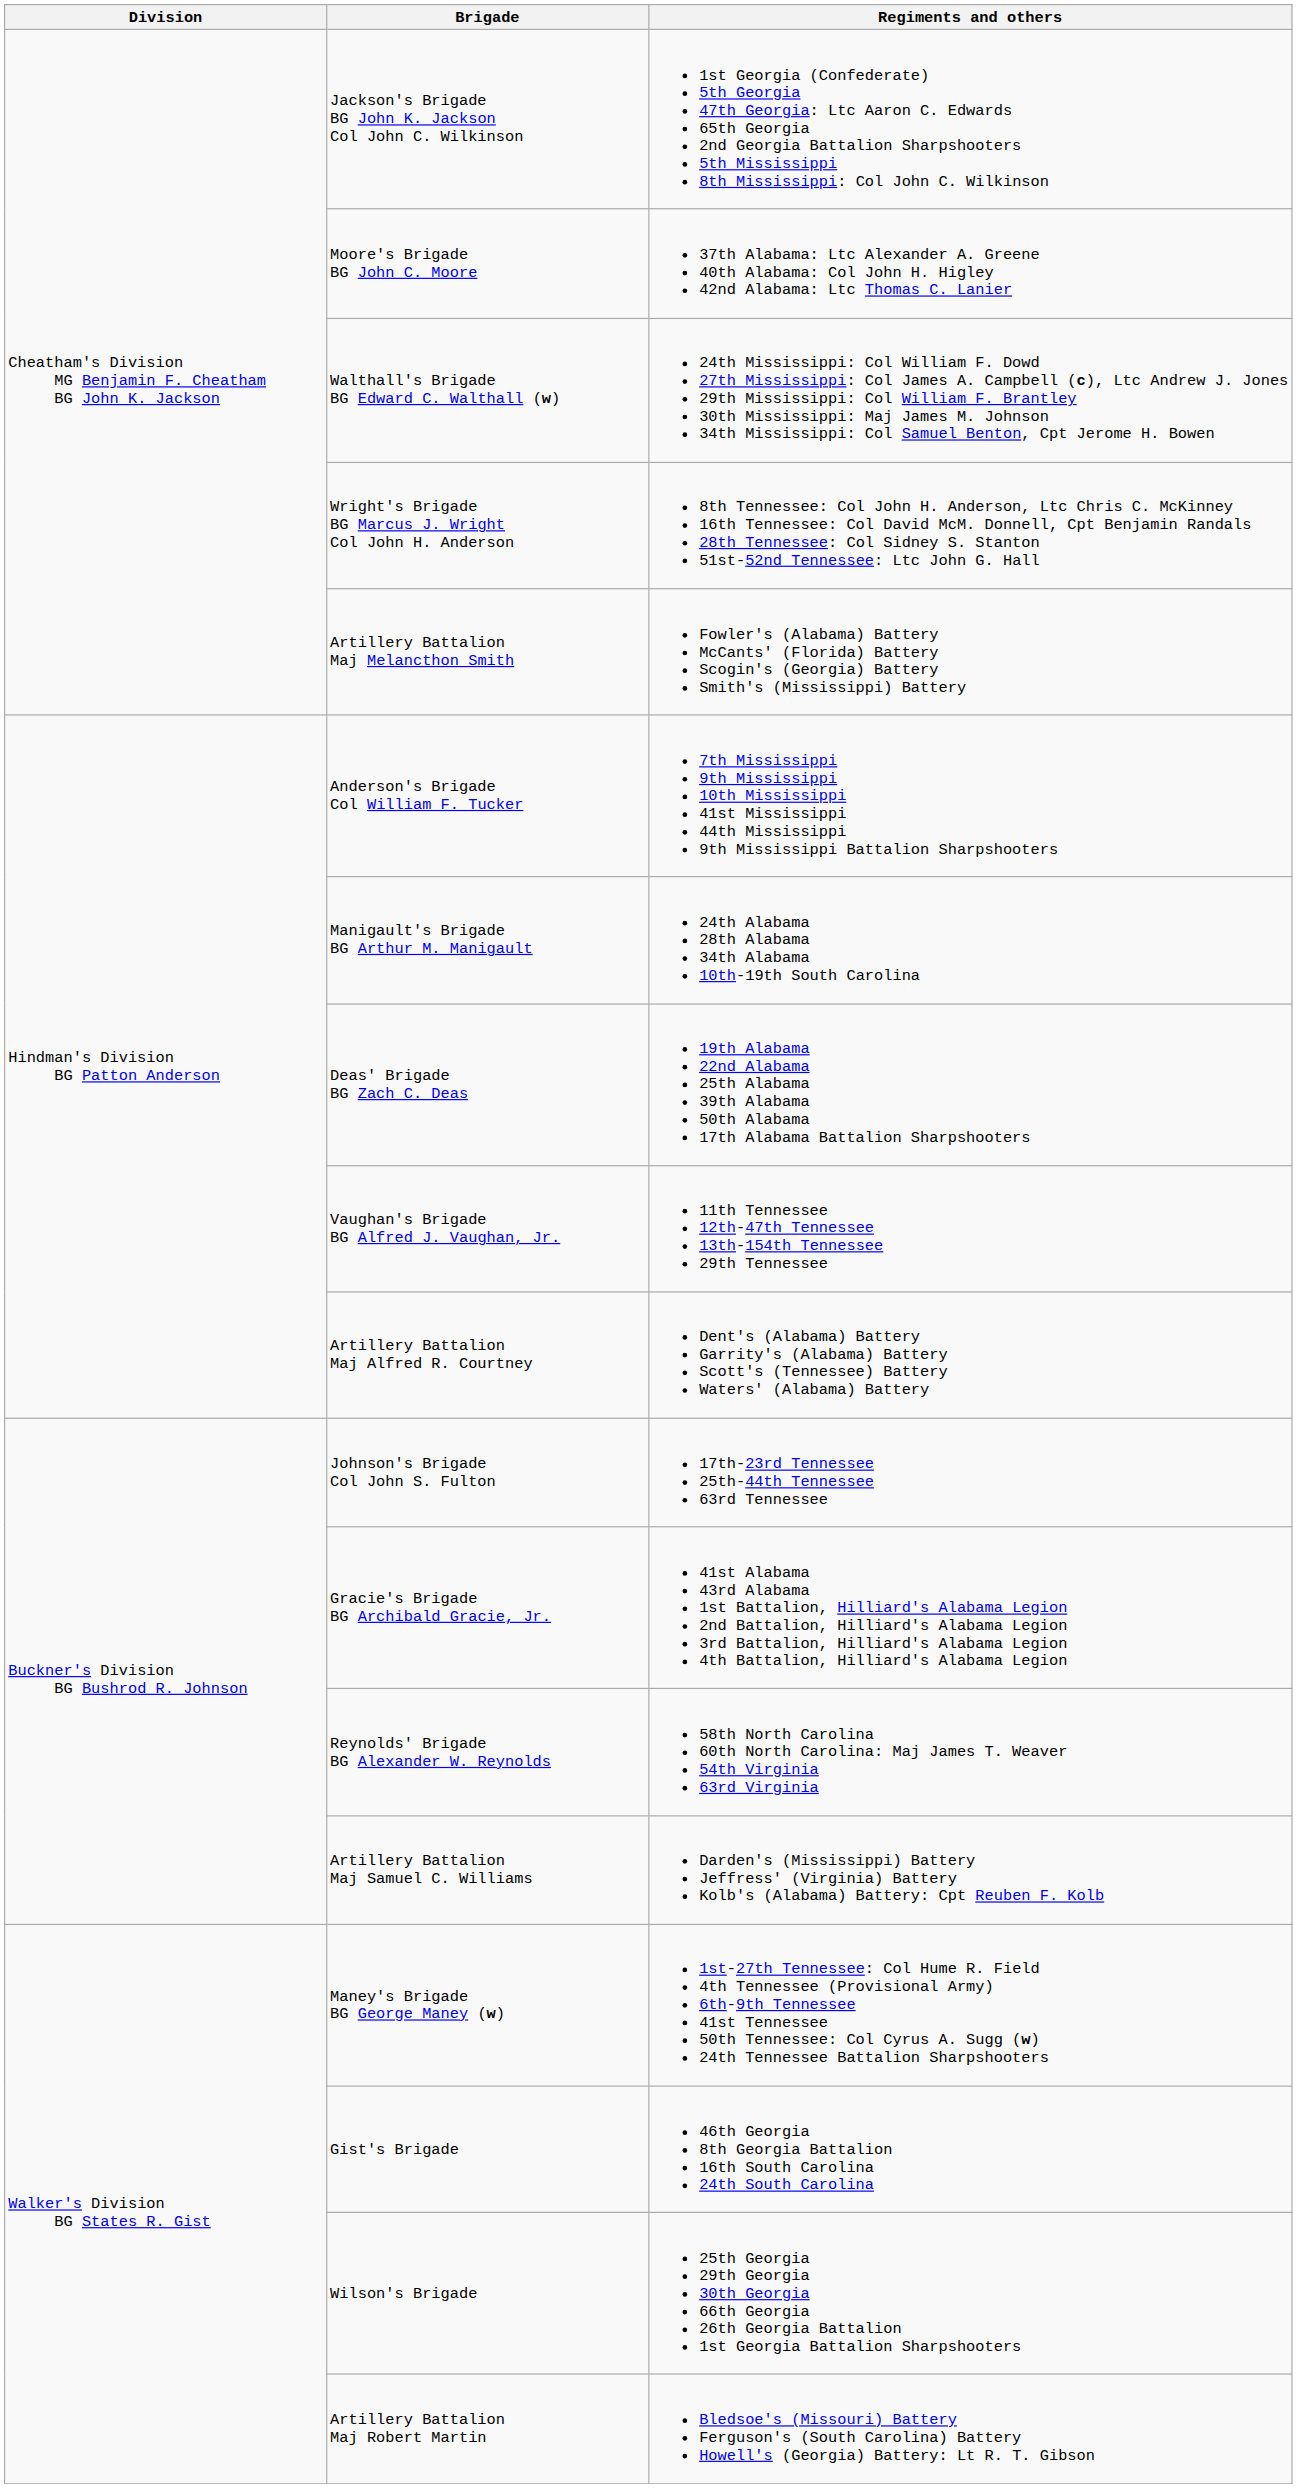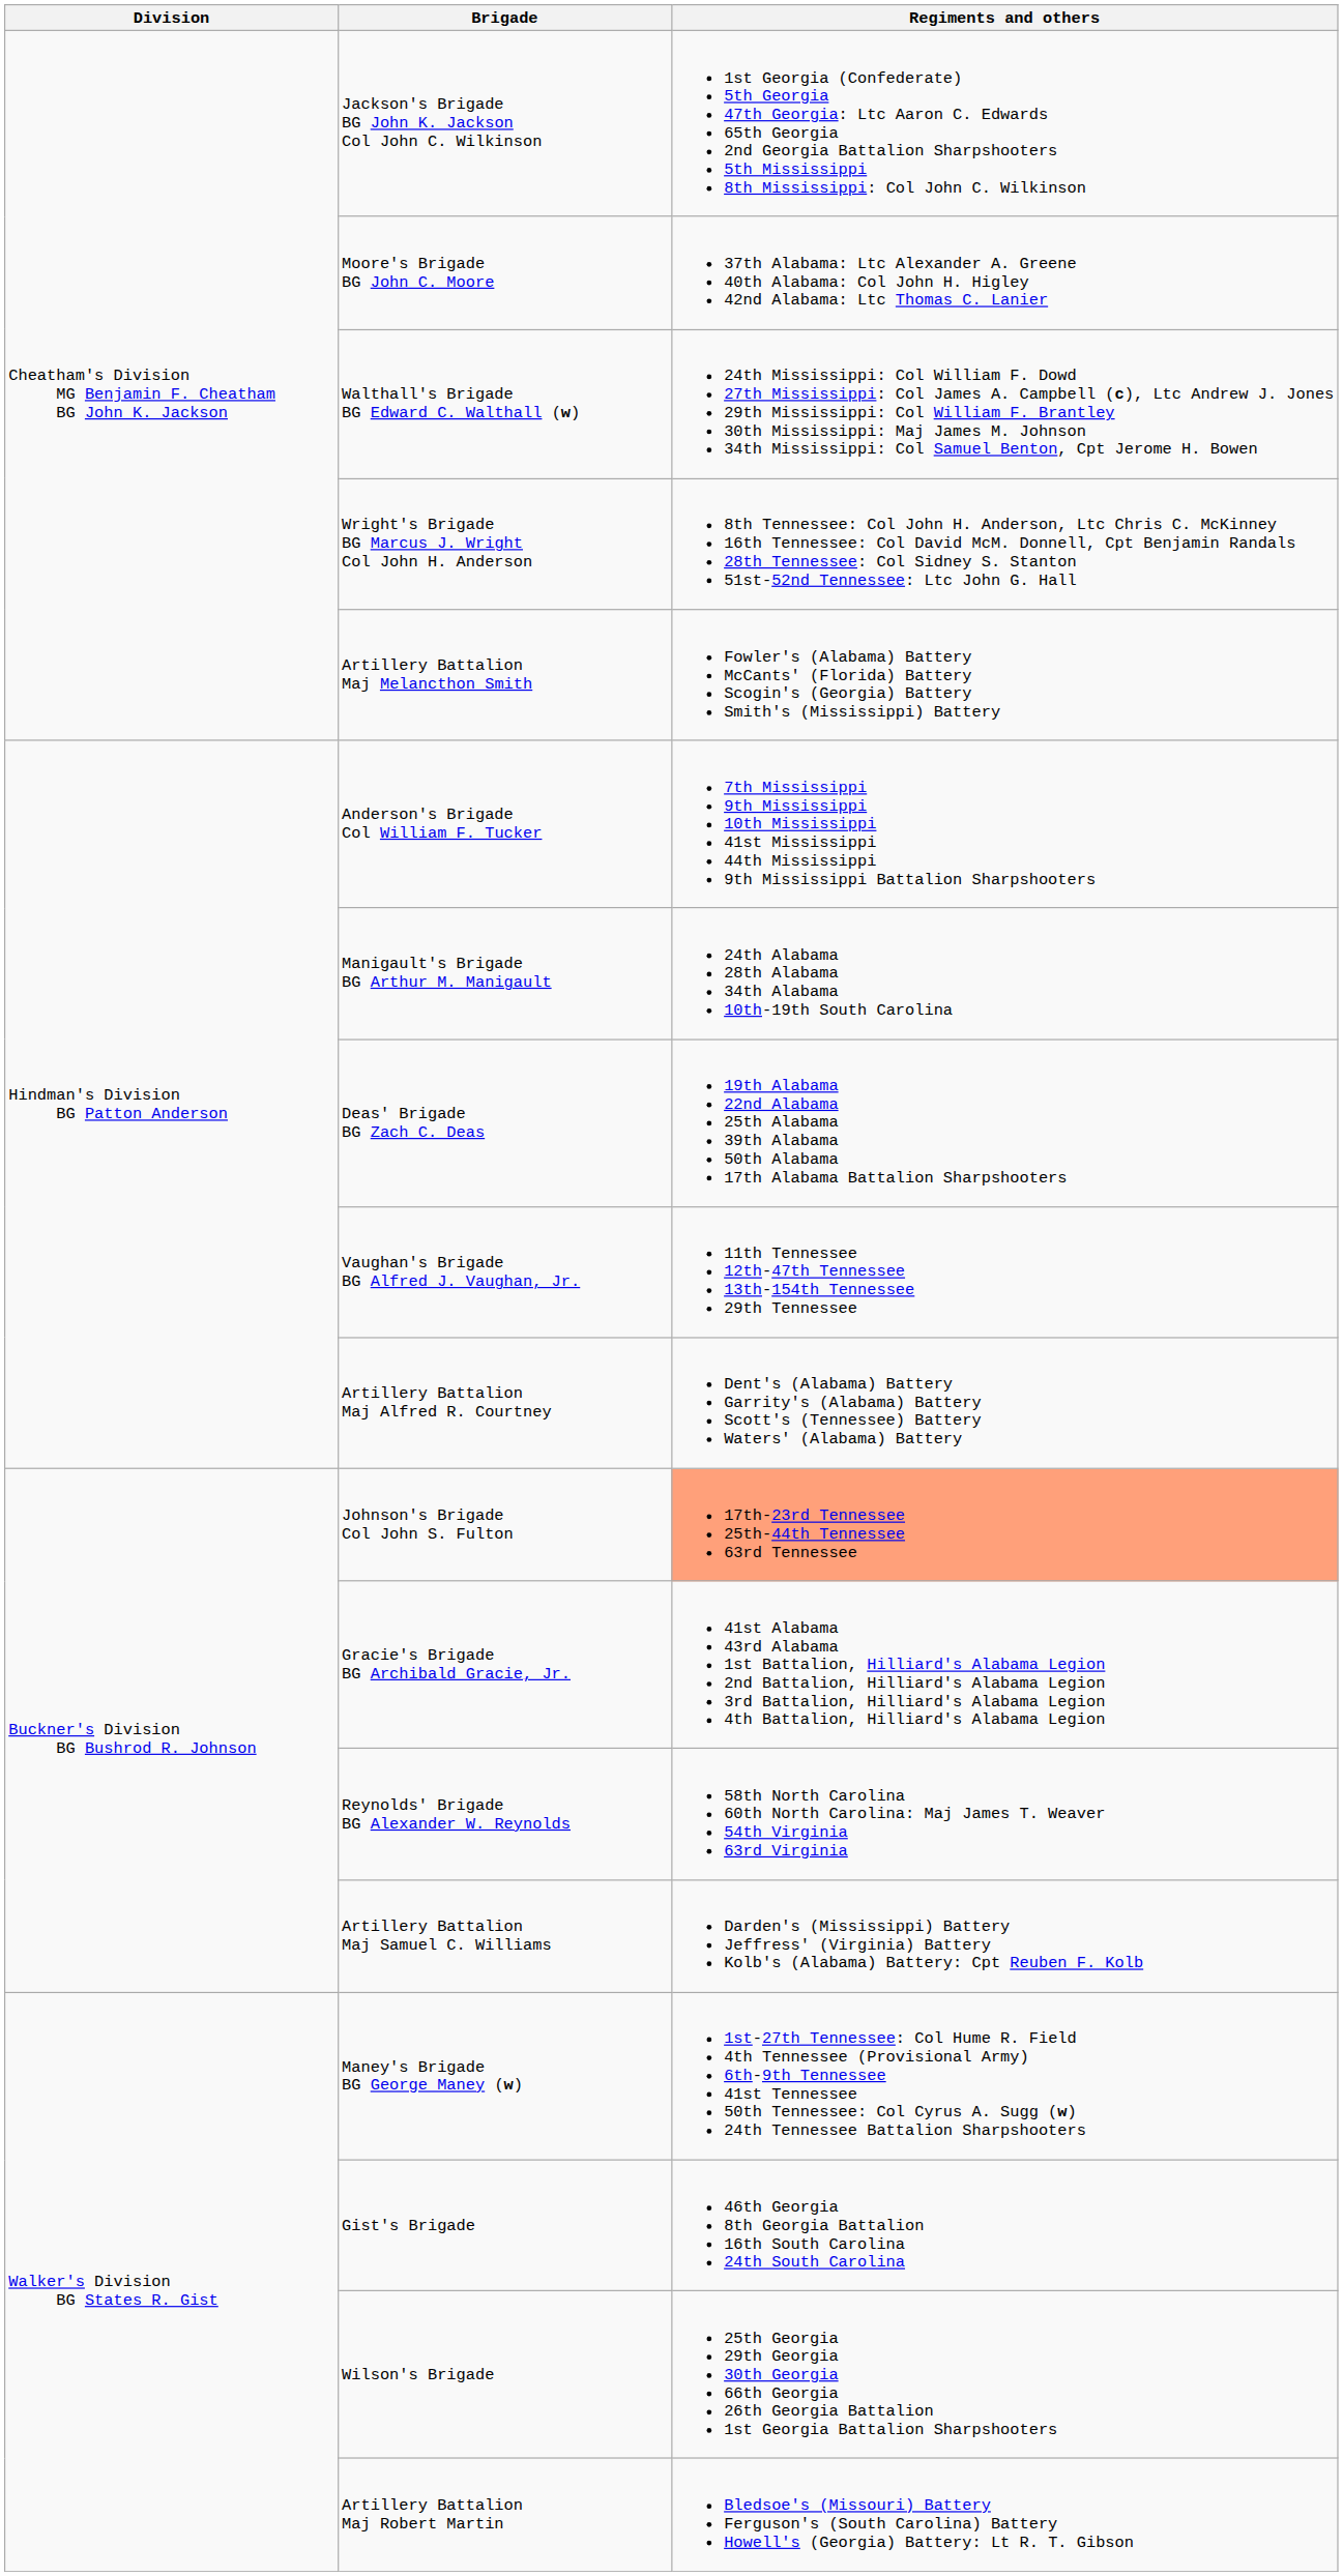 <table class="wikitable">
 <tr>
 <th width=25%>Division</th>
 <th width=25%>Brigade</th>
 <th>Regiments and others</th>
 </tr>
 <tr>
 <td rowspan=5><br>Cheatham's Division <br>     MG <a href='#'>Benjamin F. Cheatham</a> <br>     BG <a href='#'>John K. Jackson</a></td>
 <td>Jackson's Brigade<br>BG <a href='#'>John K. Jackson</a> <br> Col John C. Wilkinson</td>
 <td><br><ul><li>1st Georgia (Confederate)</li><li><a href='#'>5th Georgia</a></li><li><a href='#'>47th Georgia</a>: Ltc Aaron C. Edwards</li><li>65th Georgia</li><li>2nd Georgia Battalion Sharpshooters</li><li><a href='#'>5th Mississippi</a></li><li><a href='#'>8th Mississippi</a>: Col John C. Wilkinson</li></ul></td>
 </tr>
 <tr>
 <td>Moore's Brigade<br>BG <a href='#'>John C. Moore</a></td>
 <td><br><ul><li>37th Alabama: Ltc Alexander A. Greene</li><li>40th Alabama: Col John H. Higley</li><li>42nd Alabama: Ltc <a href='#'>Thomas C. Lanier</a></li></ul></td>
 </tr>
 <tr>
 <td>Walthall's Brigade<br>BG <a href='#'>Edward C. Walthall</a> (<strong>w</strong>)</td>
 <td><br><ul><li>24th Mississippi: Col William F. Dowd</li><li><a href='#'>27th Mississippi</a>: Col James A. Campbell (<strong>c</strong>), Ltc Andrew J. Jones</li><li>29th Mississippi: Col <a href='#'>William F. Brantley</a></li><li>30th Mississippi: Maj James M. Johnson</li><li>34th Mississippi: Col <a href='#'>Samuel Benton</a>, Cpt Jerome H. Bowen</li></ul></td>
 </tr>
 <tr>
 <td>Wright's Brigade<br>BG <a href='#'>Marcus J. Wright</a> <br> Col John H. Anderson</td>
 <td><br><ul><li>8th Tennessee: Col John H. Anderson, Ltc Chris C. McKinney</li><li>16th Tennessee: Col David McM. Donnell, Cpt Benjamin Randals</li><li><a href='#'>28th Tennessee</a>: Col Sidney S. Stanton</li><li>51st-<a href='#'>52nd Tennessee</a>: Ltc John G. Hall</li></ul></td>
 </tr>
 <tr>
 <td>Artillery Battalion<br>Maj <a href='#'>Melancthon Smith</a></td>
 <td><br><ul><li>Fowler's (Alabama) Battery</li><li>McCants' (Florida) Battery</li><li>Scogin's (Georgia) Battery</li><li>Smith's (Mississippi) Battery</li></ul></td>
 </tr>
 <tr>
 <td rowspan=5><br>Hindman's Division <br>     BG <a href='#'>Patton Anderson</a> <br>  </td>
 <td>Anderson's Brigade<br>Col <a href='#'>William F. Tucker</a></td>
 <td><br><ul><li><a href='#'>7th Mississippi</a></li><li><a href='#'>9th Mississippi</a></li><li><a href='#'>10th Mississippi</a></li><li>41st Mississippi</li><li>44th Mississippi</li><li>9th Mississippi Battalion Sharpshooters</li></ul></td>
 </tr>
 <tr>
 <td>Manigault's Brigade<br>BG <a href='#'>Arthur M. Manigault</a></td>
 <td><br><ul><li>24th Alabama</li><li>28th Alabama</li><li>34th Alabama</li><li><a href='#'>10th</a>-19th South Carolina</li></ul></td>
 </tr>
 <tr>
 <td>Deas' Brigade<br>BG <a href='#'>Zach C. Deas</a></td>
 <td><br><ul><li><a href='#'>19th Alabama</a></li><li><a href='#'>22nd Alabama</a></li><li>25th Alabama</li><li>39th Alabama</li><li>50th Alabama</li><li>17th Alabama Battalion Sharpshooters</li></ul></td>
 </tr>
 <tr>
 <td>Vaughan's Brigade<br>BG <a href='#'>Alfred J. Vaughan, Jr.</a></td>
 <td><br><ul><li>11th Tennessee</li><li><a href='#'>12th</a>-<a href='#'>47th Tennessee</a></li><li><a href='#'>13th</a>-<a href='#'>154th Tennessee</a></li><li>29th Tennessee</li></ul></td>
 </tr>
 <tr>
 <td>Artillery Battalion<br>Maj Alfred R. Courtney</td>
 <td><br><ul><li>Dent's (Alabama) Battery</li><li>Garrity's (Alabama) Battery</li><li>Scott's (Tennessee) Battery</li><li>Waters' (Alabama) Battery</li></ul></td>
 </tr>
 <tr>
 <td rowspan=4><br><a href='#'>Buckner's</a> Division <br>     BG <a href='#'>Bushrod R. Johnson</a></td>
 <td>Johnson's Brigade<br>Col John S. Fulton</td>
-<td><br><ul><li>17th-<a href='#'>23rd Tennessee</a></li><li>25th-<a href='#'>44th Tennessee</a></li><li>63rd Tennessee</li></ul></td>
+<td style="background: lightsalmon;"><br><ul><li>17th-<a href='#'>23rd Tennessee</a></li><li>25th-<a href='#'>44th Tennessee</a></li><li>63rd Tennessee</li></ul></td>
 </tr>
 <tr>
 <td>Gracie's Brigade<br>BG <a href='#'>Archibald Gracie, Jr.</a></td>
 <td><br><ul><li>41st Alabama</li><li>43rd Alabama</li><li>1st Battalion, <a href='#'>Hilliard's Alabama Legion</a></li><li>2nd Battalion, Hilliard's Alabama Legion</li><li>3rd Battalion, Hilliard's Alabama Legion</li><li>4th Battalion, Hilliard's Alabama Legion</li></ul></td>
 </tr>
 <tr>
 <td>Reynolds' Brigade<br>BG <a href='#'>Alexander W. Reynolds</a></td>
 <td><br><ul><li>58th North Carolina</li><li>60th North Carolina: Maj James T. Weaver</li><li><a href='#'>54th Virginia</a></li><li><a href='#'>63rd Virginia</a></li></ul></td>
 </tr>
 <tr>
 <td>Artillery Battalion<br>Maj Samuel C. Williams</td>
 <td><br><ul><li>Darden's (Mississippi) Battery</li><li>Jeffress' (Virginia) Battery</li><li>Kolb's (Alabama) Battery: Cpt <a href='#'>Reuben F. Kolb</a></li></ul></td>
 </tr>
 <tr>
 <td rowspan=4><br><a href='#'>Walker's</a> Division <br>     BG <a href='#'>States R. Gist</a></td>
 <td>Maney's Brigade<br>BG <a href='#'>George Maney</a> (<strong>w</strong>)</td>
 <td><br><ul><li><a href='#'>1st</a>-<a href='#'>27th Tennessee</a>: Col Hume R. Field</li><li>4th Tennessee (Provisional Army)</li><li><a href='#'>6th</a>-<a href='#'>9th Tennessee</a></li><li>41st Tennessee</li><li>50th Tennessee: Col Cyrus A. Sugg (<strong>w</strong>)</li><li>24th Tennessee Battalion Sharpshooters</li></ul></td>
 </tr>
 <tr>
 <td>Gist's Brigade</td>
 <td><br><ul><li>46th Georgia</li><li>8th Georgia Battalion</li><li>16th South Carolina</li><li><a href='#'>24th South Carolina</a></li></ul></td>
 </tr>
 <tr>
 <td>Wilson's Brigade</td>
 <td><br><ul><li>25th Georgia</li><li>29th Georgia</li><li><a href='#'>30th Georgia</a></li><li>66th Georgia</li><li>26th Georgia Battalion</li><li>1st Georgia Battalion Sharpshooters</li></ul></td>
 </tr>
 <tr>
 <td>Artillery Battalion<br>Maj Robert Martin</td>
 <td><br><ul><li><a href='#'>Bledsoe's (Missouri) Battery</a></li><li>Ferguson's (South Carolina) Battery</li><li><a href='#'>Howell's</a> (Georgia) Battery: Lt R. T. Gibson</li></ul></td>
 </tr>
 </table>
